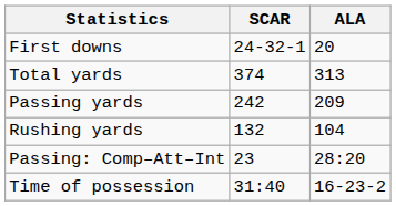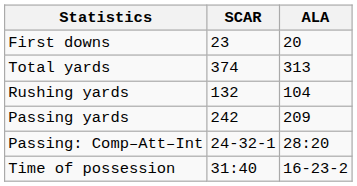 <table class="wikitable" style="float: left;">
 <tr>
 <th>Statistics</th>
 <th>SCAR</th>
 <th>ALA</th>
 </tr>
 <tr>
 <td>First downs</td>
-<td>24-32-1</td>
+<td>23</td>
 <td>20</td>
 </tr>
 <tr>
 <td>Total yards</td>
 <td>374</td>
 <td>313</td>
 </tr>
 <tr>
+<td>Rushing yards</td>
+<td>132</td>
+<td>104</td>
+</tr>
+<tr>
 <td>Passing yards</td>
 <td>242</td>
 <td>209</td>
 </tr>
 <tr>
-<td>Rushing yards</td>
-<td>132</td>
-<td>104</td>
-</tr>
-<tr>
 <td>Passing: Comp–Att–Int</td>
-<td>23</td>
+<td>24-32-1</td>
 <td>28:20</td>
 </tr>
 <tr>
 <td>Time of possession</td>
 <td>31:40</td>
 <td>16-23-2</td>
 </tr>
 </table>
